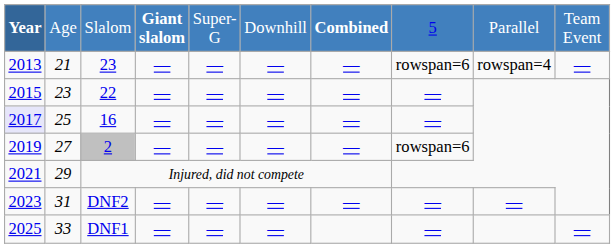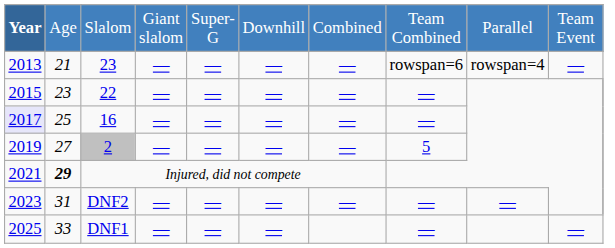 <table class="wikitable" style="font-size:95%; text-align:center; border:grey solid 1px; border-collapse:collapse;" width="40%">
 <tr style="background-color:#369; color:white;">
 <td rowspan="2" colspan="1" width="4%"><strong>Year</strong></td>
 </tr>
 <tr style="background-color:#4180be; color:white;">
 <td width="3%">Age</td>
 <td width="5%">Slalom</td>
-<td width="5%"><strong>Giant<br>slalom</strong></td>
+<td width="5%">Giant<br>slalom</td>
 <td width="5%">Super-G</td>
 <td width="5%">Downhill</td>
-<td width="5%"><strong>Combined</strong></td>
-<td><a href='#'>5</a></td>
+<td width="5%">Combined</td>
+<td width="5%">Team<br>Combined</td>
 <td width="5%">Parallel</td>
 <td width="5%">Team<br> Event </td>
 </tr>
 <tr style="background-color:#8CB2D8; color:white;">
 </tr>
 <tr>
 <td><a href='#'>2013</a></td>
 <td><em>21</em></td>
 <td><a href='#'>23</a></td>
 <td><a href='#'>—</a></td>
 <td><a href='#'>—</a></td>
 <td><a href='#'>—</a></td>
 <td><a href='#'>—</a></td>
 <td>rowspan=6</td>
 <td>rowspan=4</td>
 <td><a href='#'>—</a></td>
 </tr>
 <tr>
 <td><a href='#'>2015</a></td>
 <td><em>23</em></td>
 <td><a href='#'>22</a></td>
 <td><a href='#'>—</a></td>
 <td><a href='#'>—</a></td>
 <td><a href='#'>—</a></td>
 <td><a href='#'>—</a></td>
 <td><a href='#'>—</a></td>
 </tr>
 <tr>
 <td style="background: lavender;"><a href='#'>2017</a></td>
 <td><em>25</em></td>
 <td><a href='#'>16</a></td>
 <td><a href='#'>—</a></td>
 <td><a href='#'>—</a></td>
 <td><a href='#'>—</a></td>
 <td><a href='#'>—</a></td>
 <td><a href='#'>—</a></td>
 </tr>
 <tr>
 <td><a href='#'>2019</a></td>
 <td><em>27</em></td>
 <td style="background:silver;"><a href='#'>2</a></td>
 <td><a href='#'>—</a></td>
 <td><a href='#'>—</a></td>
 <td><a href='#'>—</a></td>
 <td><a href='#'>—</a></td>
-<td>rowspan=6</td>
+<td><a href='#'>5</a></td>
 </tr>
 <tr>
 <td><a href='#'>2021</a></td>
-<td><em>29</em></td>
+<td><strong><em>29</em></strong></td>
 <td colspan=5><em><small>Injured, did not compete</small></em></td>
 </tr>
 <tr>
 <td><a href='#'>2023</a></td>
 <td><em>31</em></td>
 <td><a href='#'>DNF2</a></td>
 <td><a href='#'>—</a></td>
 <td><a href='#'>—</a></td>
 <td><a href='#'>—</a></td>
 <td><a href='#'>—</a></td>
 <td><a href='#'>—</a></td>
 <td><a href='#'>—</a></td>
 </tr>
 <tr>
 <td><a href='#'>2025</a></td>
 <td><em>33</em></td>
 <td><a href='#'>DNF1</a></td>
 <td><a href='#'>—</a></td>
 <td><a href='#'>—</a></td>
 <td><a href='#'>—</a></td>
 <td></td>
 <td><a href='#'>—</a></td>
 <td></td>
 <td><a href='#'>—</a></td>
 </tr>
 </table>
